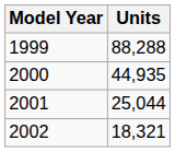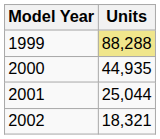 <table class="wikitable">
 <tr>
 <th>Model Year</th>
 <th>Units</th>
 </tr>
 <tr>
 <td>1999</td>
-<td>88,288</td>
+<td style="background: khaki;">88,288</td>
 </tr>
 <tr>
 <td>2000</td>
 <td>44,935</td>
 </tr>
 <tr>
 <td>2001</td>
 <td>25,044</td>
 </tr>
 <tr>
 <td>2002</td>
 <td>18,321</td>
 </tr>
 </table>
